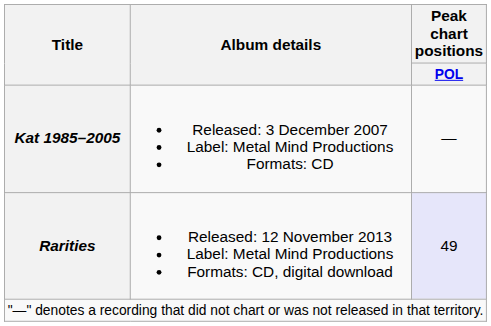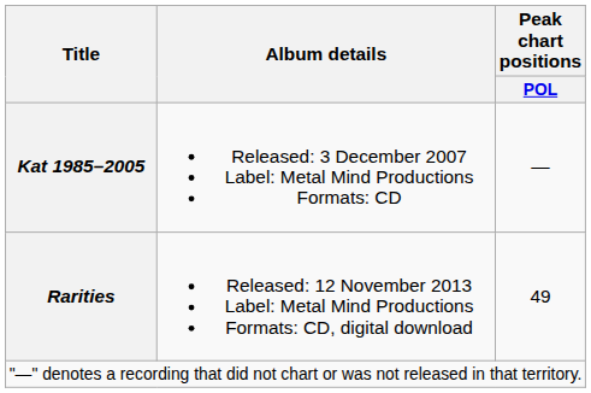 <table class="wikitable plainrowheaders" style="text-align:center;">
 <tr>
 <th scope="col" rowspan="2">Title</th>
 <th scope="col" rowspan="2">Album details</th>
 <th scope="col" colspan="1">Peak chart positions</th>
 </tr>
 <tr>
 <th scope="col" style="width:3em;font-size:90%;"><a href='#'>POL</a><br></th>
 </tr>
 <tr>
 <th scope="row"><em>Kat 1985–2005</em></th>
 <td><br><ul><li>Released: 3 December 2007</li><li>Label: Metal Mind Productions</li><li>Formats: CD</li></ul></td>
 <td>—</td>
 </tr>
 <tr>
 <th scope="row"><em>Rarities</em></th>
 <td><br><ul><li>Released: 12 November 2013</li><li>Label: Metal Mind Productions</li><li>Formats: CD, digital download</li></ul></td>
-<td style="background: lavender;">49</td>
+<td>49</td>
 </tr>
 <tr>
 <td colspan="15" style="font-size:90%">"—" denotes a recording that did not chart or was not released in that territory.</td>
 </tr>
 </table>
